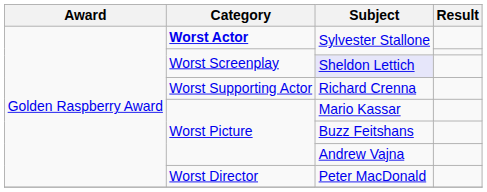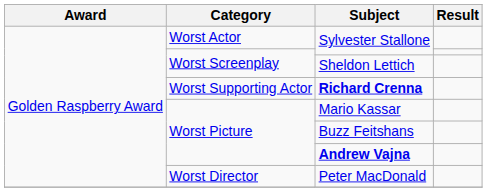 <table class="wikitable">
 <tr>
 <th>Award</th>
 <th>Category</th>
 <th>Subject</th>
 <th>Result</th>
 </tr>
 <tr>
 <td rowspan=8><a href='#'>Golden Raspberry Award</a></td>
-<td><strong><a href='#'>Worst Actor</a></strong></td>
+<td><a href='#'>Worst Actor</a></td>
 <td rowspan=2><a href='#'>Sylvester Stallone</a></td>
 <td></td>
 </tr>
 <tr>
 <td rowspan=2><a href='#'>Worst Screenplay</a></td>
 <td></td>
 </tr>
 <tr>
-<td style="background: lavender;"><a href='#'>Sheldon Lettich</a></td>
+<td><a href='#'>Sheldon Lettich</a></td>
 <td></td>
 </tr>
 <tr>
 <td><a href='#'>Worst Supporting Actor</a></td>
-<td><a href='#'>Richard Crenna</a></td>
+<td><strong><a href='#'>Richard Crenna</a></strong></td>
 <td></td>
 </tr>
 <tr>
 <td rowspan=3><a href='#'>Worst Picture</a></td>
 <td><a href='#'>Mario Kassar</a></td>
 <td></td>
 </tr>
 <tr>
 <td><a href='#'>Buzz Feitshans</a></td>
 <td></td>
 </tr>
 <tr>
-<td><a href='#'>Andrew Vajna</a></td>
+<td><strong><a href='#'>Andrew Vajna</a></strong></td>
 <td></td>
 </tr>
 <tr>
 <td><a href='#'>Worst Director</a></td>
 <td><a href='#'>Peter MacDonald</a></td>
 <td></td>
 </tr>
 <tr>
 </tr>
 </table>
